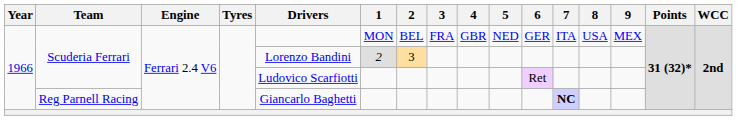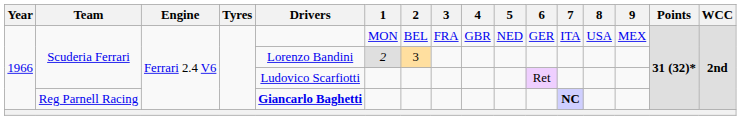 <table class="wikitable" style="text-align:center; font-size:95%">
 <tr>
 <th>Year</th>
 <th>Team</th>
 <th>Engine</th>
 <th>Tyres</th>
 <th>Drivers</th>
 <th>1</th>
 <th>2</th>
 <th>3</th>
 <th>4</th>
 <th>5</th>
 <th>6</th>
 <th>7</th>
 <th>8</th>
 <th>9</th>
 <th>Points</th>
 <th>WCC</th>
 </tr>
 <tr>
 <td rowspan="4"><a href='#'>1966</a></td>
 <td rowspan="3"><a href='#'>Scuderia Ferrari</a></td>
 <td rowspan="4"><a href='#'>Ferrari</a> 2.4 <a href='#'>V6</a></td>
 <td rowspan="4"></td>
 <td></td>
 <td><a href='#'>MON</a></td>
 <td><a href='#'>BEL</a></td>
 <td><a href='#'>FRA</a></td>
 <td><a href='#'>GBR</a></td>
 <td><a href='#'>NED</a></td>
 <td><a href='#'>GER</a></td>
 <td><a href='#'>ITA</a></td>
 <td><a href='#'>USA</a></td>
 <td><a href='#'>MEX</a></td>
 <td rowspan="4" style="background:#DFDFDF;"><strong>31 (32)*</strong></td>
 <td rowspan="4" style="background:#DFDFDF;"><strong>2nd</strong></td>
 </tr>
 <tr>
 <td><a href='#'>Lorenzo Bandini</a></td>
 <td style="background:#DFDFDF;"><em>2</em></td>
 <td style="background:#FFDF9F;">3</td>
 <td></td>
 <td></td>
 <td></td>
 <td></td>
 <td></td>
 <td></td>
 <td></td>
 </tr>
 <tr>
 <td><a href='#'>Ludovico Scarfiotti</a></td>
 <td></td>
 <td></td>
 <td></td>
 <td></td>
 <td></td>
 <td style="background:#EFCFFF;">Ret</td>
 <td></td>
 <td></td>
 <td></td>
 </tr>
 <tr>
 <td><a href='#'>Reg Parnell Racing</a></td>
-<td><a href='#'>Giancarlo Baghetti</a></td>
+<td><strong><a href='#'>Giancarlo Baghetti</a></strong></td>
 <td></td>
 <td></td>
 <td></td>
 <td></td>
 <td></td>
 <td></td>
 <td style="background:#cfcfff;"><strong>NC</strong></td>
 <td></td>
 <td></td>
 </tr>
 <tr>
 <th colspan="16"></th>
 </tr>
 </table>
